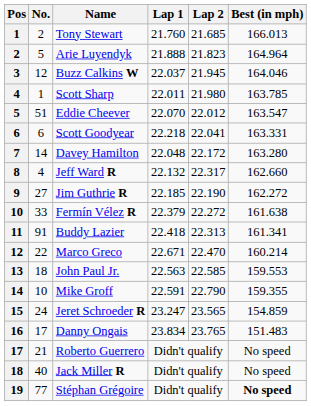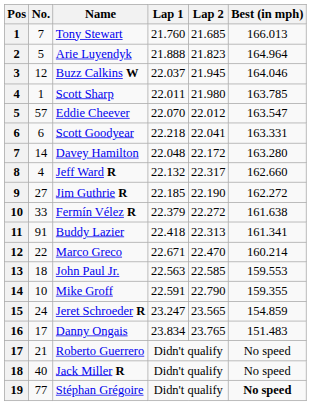 <table class="wikitable sortable" " style="fontsize:95%">
 <tr>
 <th>Pos</th>
 <th>No.</th>
 <th>Name</th>
 <th>Lap 1</th>
 <th>Lap 2</th>
 <th>Best (in mph)</th>
 </tr>
 <tr>
 <th scope="row">1</th>
-<td align=center>2</td>
+<td align=center>7</td>
 <td> <a href='#'>Tony Stewart</a></td>
 <td align="center">21.760</td>
 <td align="center">21.685</td>
 <td align="center">166.013</td>
 </tr>
 <tr>
 <th scope="row">2</th>
 <td align=center>5</td>
 <td> <a href='#'>Arie Luyendyk</a></td>
 <td align="center">21.888</td>
 <td align="center">21.823</td>
 <td align="center">164.964</td>
 </tr>
 <tr>
 <th scope="row">3</th>
 <td align=center>12</td>
 <td> <a href='#'>Buzz Calkins</a> <strong><span>W</span></strong></td>
 <td align="center">22.037</td>
 <td align="center">21.945</td>
 <td align="center">164.046</td>
 </tr>
 <tr>
 <th scope="row">4</th>
 <td align=center>1</td>
 <td> <a href='#'>Scott Sharp</a></td>
 <td align="center">22.011</td>
 <td align="center">21.980</td>
 <td align="center">163.785</td>
 </tr>
 <tr>
 <th scope="row">5</th>
-<td align=center>51</td>
+<td align=center>57</td>
 <td> <a href='#'>Eddie Cheever</a></td>
 <td align="center">22.070</td>
 <td align="center">22.012</td>
 <td align="center">163.547</td>
 </tr>
 <tr>
 <th scope="row">6</th>
 <td align=center>6</td>
 <td> <a href='#'>Scott Goodyear</a></td>
 <td align="center">22.218</td>
 <td align="center">22.041</td>
 <td align="center">163.331</td>
 </tr>
 <tr>
 <th scope="row">7</th>
 <td align=center>14</td>
 <td> <a href='#'>Davey Hamilton</a></td>
 <td align="center">22.048</td>
 <td align="center">22.172</td>
 <td align="center">163.280</td>
 </tr>
 <tr>
 <th scope="row">8</th>
 <td align=center>4</td>
 <td> <a href='#'>Jeff Ward</a> <strong><span>R</span></strong></td>
 <td align="center">22.132</td>
 <td align="center">22.317</td>
 <td align="center">162.660</td>
 </tr>
 <tr>
 <th scope="row">9</th>
 <td align=center>27</td>
 <td> <a href='#'>Jim Guthrie</a> <strong><span>R</span></strong></td>
 <td align="center">22.185</td>
 <td align="center">22.190</td>
 <td align="center">162.272</td>
 </tr>
 <tr>
 <th scope="row">10</th>
 <td align=center>33</td>
 <td> <a href='#'>Fermín Vélez</a> <strong><span>R</span></strong></td>
 <td align="center">22.379</td>
 <td align="center">22.272</td>
 <td align="center">161.638</td>
 </tr>
 <tr>
 <th scope="row">11</th>
 <td align=center>91</td>
 <td> <a href='#'>Buddy Lazier</a></td>
 <td align="center">22.418</td>
 <td align="center">22.313</td>
 <td align="center">161.341</td>
 </tr>
 <tr>
 <th scope="row">12</th>
 <td align=center>22</td>
 <td> <a href='#'>Marco Greco</a></td>
 <td align="center">22.671</td>
 <td align="center">22.470</td>
 <td align="center">160.214</td>
 </tr>
 <tr>
 <th scope="row">13</th>
 <td align=center>18</td>
 <td> <a href='#'>John Paul Jr.</a></td>
 <td align="center">22.563</td>
 <td align="center">22.585</td>
 <td align="center">159.553</td>
 </tr>
 <tr>
 <th scope="row">14</th>
 <td align=center>10</td>
 <td> <a href='#'>Mike Groff</a></td>
 <td align="center">22.591</td>
 <td align="center">22.790</td>
 <td align="center">159.355</td>
 </tr>
 <tr>
 <th scope="row">15</th>
 <td align=center>24</td>
 <td> <a href='#'>Jeret Schroeder</a> <strong><span>R</span></strong></td>
 <td align="center">23.247</td>
 <td align="center">23.565</td>
 <td align="center">154.859</td>
 </tr>
 <tr>
 <th scope="row">16</th>
 <td align=center>17</td>
 <td> <a href='#'>Danny Ongais</a></td>
 <td align="center">23.834</td>
 <td align="center">23.765</td>
 <td align="center">151.483</td>
 </tr>
 <tr>
 <th scope="row">17</th>
 <td align=center>21</td>
 <td> <a href='#'>Roberto Guerrero</a></td>
 <td colspan=2 align="center">Didn't qualify</td>
 <td align="center">No speed</td>
 </tr>
 <tr>
 <th scope="row">18</th>
 <td align=center>40</td>
 <td> <a href='#'>Jack Miller</a> <strong><span>R</span></strong></td>
 <td colspan=2 align="center">Didn't qualify</td>
 <td align="center">No speed</td>
 </tr>
 <tr>
 <th scope="row">19</th>
 <td align=center>77</td>
 <td> <a href='#'>Stéphan Grégoire</a></td>
 <td colspan=2 align="center">Didn't qualify</td>
 <td align="center"><strong>No speed</strong></td>
 </tr>
 </table>
